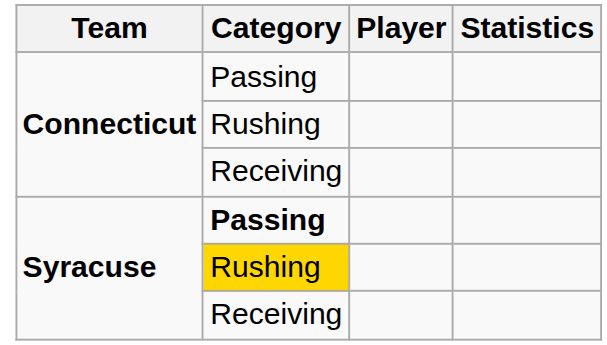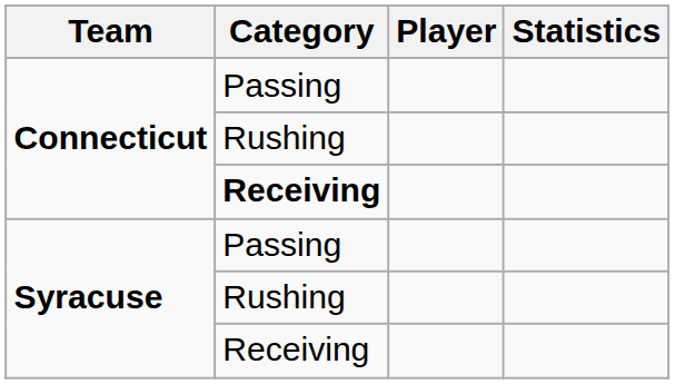 <table class="wikitable" style="float: right;">
 <tr>
 <th>Team</th>
 <th>Category</th>
 <th>Player</th>
 <th>Statistics</th>
 </tr>
 <tr>
 <td rowspan=3><strong>Connecticut</strong></td>
 <td>Passing</td>
 <td></td>
 <td></td>
 </tr>
 <tr>
 <td>Rushing</td>
 <td></td>
 <td></td>
 </tr>
 <tr>
-<td>Receiving</td>
+<td><strong>Receiving</strong></td>
 <td></td>
 <td></td>
 </tr>
 <tr>
 <td rowspan=3><strong>Syracuse</strong></td>
-<td><strong>Passing</strong></td>
+<td>Passing</td>
 <td></td>
 <td></td>
 </tr>
 <tr>
-<td style="background: gold;">Rushing</td>
+<td>Rushing</td>
 <td></td>
 <td></td>
 </tr>
 <tr>
 <td>Receiving</td>
 <td></td>
 <td></td>
 </tr>
 </table>
